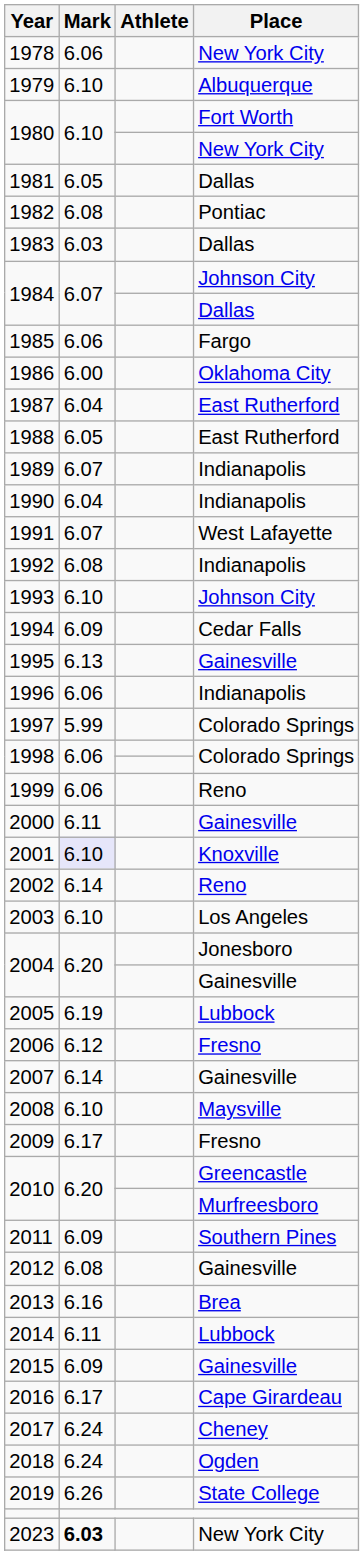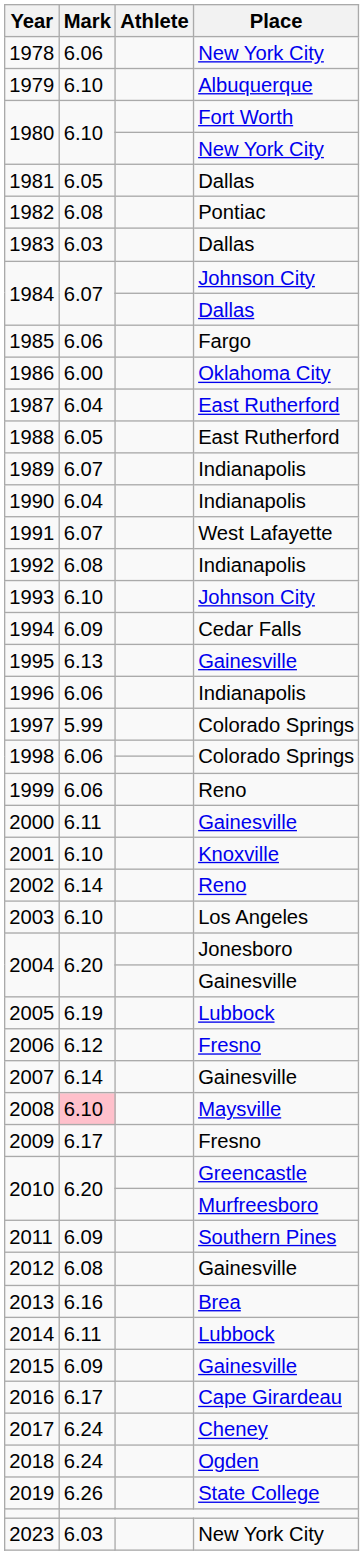 <table class="wikitable sortable" style="font-size:95%;">
 <tr>
 <th>Year</th>
 <th>Mark</th>
 <th>Athlete</th>
 <th>Place</th>
 </tr>
 <tr>
 <td>1978</td>
 <td>6.06 </td>
 <td align=left></td>
 <td><a href='#'>New York City</a></td>
 </tr>
 <tr>
 <td>1979</td>
 <td>6.10  </td>
 <td align=left></td>
 <td><a href='#'>Albuquerque</a></td>
 </tr>
 <tr>
 <td rowspan=2>1980</td>
 <td rowspan=2>6.10 </td>
 <td align=left></td>
 <td><a href='#'>Fort Worth</a></td>
 </tr>
 <tr>
 <td align=left></td>
 <td><a href='#'>New York City</a></td>
 </tr>
 <tr>
 <td>1981</td>
 <td>6.05 </td>
 <td align=left></td>
 <td>Dallas</td>
 </tr>
 <tr>
 <td>1982</td>
 <td>6.08</td>
 <td align=left></td>
 <td>Pontiac</td>
 </tr>
 <tr>
 <td>1983</td>
 <td>6.03 </td>
 <td align=left></td>
 <td>Dallas</td>
 </tr>
 <tr>
 <td rowspan=2>1984</td>
 <td rowspan=2>6.07 </td>
 <td align=left></td>
 <td><a href='#'>Johnson City</a></td>
 </tr>
 <tr>
 <td align=left></td>
 <td><a href='#'>Dallas</a></td>
 </tr>
 <tr>
 <td>1985</td>
 <td>6.06</td>
 <td align=left></td>
 <td>Fargo</td>
 </tr>
 <tr>
 <td>1986</td>
 <td>6.00</td>
 <td align=left></td>
 <td><a href='#'>Oklahoma City</a></td>
 </tr>
 <tr>
 <td>1987</td>
 <td>6.04</td>
 <td align=left></td>
 <td><a href='#'>East Rutherford</a></td>
 </tr>
 <tr>
 <td>1988</td>
 <td>6.05</td>
 <td align=left></td>
 <td>East Rutherford</td>
 </tr>
 <tr>
 <td>1989</td>
 <td>6.07</td>
 <td align=left></td>
 <td>Indianapolis</td>
 </tr>
 <tr>
 <td>1990</td>
 <td>6.04</td>
 <td align=left></td>
 <td>Indianapolis</td>
 </tr>
 <tr>
 <td>1991</td>
 <td>6.07</td>
 <td align=left></td>
 <td>West Lafayette</td>
 </tr>
 <tr>
 <td>1992</td>
 <td>6.08</td>
 <td align=left></td>
 <td>Indianapolis</td>
 </tr>
 <tr>
 <td>1993</td>
 <td>6.10</td>
 <td align=left></td>
 <td><a href='#'>Johnson City</a></td>
 </tr>
 <tr>
 <td>1994</td>
 <td>6.09</td>
 <td align=left></td>
 <td>Cedar Falls</td>
 </tr>
 <tr>
 <td>1995</td>
 <td>6.13</td>
 <td align=left></td>
 <td><a href='#'>Gainesville</a></td>
 </tr>
 <tr>
 <td>1996</td>
 <td>6.06</td>
 <td align=left></td>
 <td>Indianapolis</td>
 </tr>
 <tr>
 <td>1997</td>
 <td>5.99 </td>
 <td align=left></td>
 <td>Colorado Springs</td>
 </tr>
 <tr>
 <td rowspan=2>1998</td>
 <td rowspan=2>6.06 </td>
 <td align=left></td>
 <td rowspan=2>Colorado Springs</td>
 </tr>
 <tr>
 <td align=left></td>
 </tr>
 <tr>
 <td>1999</td>
 <td>6.06 </td>
 <td align=left></td>
 <td>Reno</td>
 </tr>
 <tr>
 <td>2000</td>
 <td>6.11</td>
 <td align=left></td>
 <td><a href='#'>Gainesville</a></td>
 </tr>
 <tr>
 <td>2001</td>
-<td style="background: lavender;">6.10</td>
+<td>6.10</td>
 <td align=left></td>
 <td><a href='#'>Knoxville</a></td>
 </tr>
 <tr>
 <td>2002</td>
 <td>6.14 </td>
 <td align=left></td>
 <td><a href='#'>Reno</a></td>
 </tr>
 <tr>
 <td>2003</td>
 <td>6.10</td>
 <td align=left></td>
 <td>Los Angeles</td>
 </tr>
 <tr>
 <td rowspan=2>2004</td>
 <td rowspan=2>6.20</td>
 <td></td>
 <td>Jonesboro</td>
 </tr>
 <tr>
 <td></td>
 <td>Gainesville</td>
 </tr>
 <tr>
 <td>2005</td>
 <td>6.19</td>
 <td></td>
 <td><a href='#'>Lubbock</a></td>
 </tr>
 <tr>
 <td>2006</td>
 <td>6.12</td>
 <td align=left></td>
 <td><a href='#'>Fresno</a></td>
 </tr>
 <tr>
 <td>2007</td>
 <td>6.14</td>
 <td align=left></td>
 <td>Gainesville</td>
 </tr>
 <tr>
 <td>2008</td>
-<td>6.10</td>
+<td style="background: pink;">6.10</td>
 <td></td>
 <td><a href='#'>Maysville</a></td>
 </tr>
 <tr>
 <td>2009</td>
 <td>6.17</td>
 <td></td>
 <td>Fresno</td>
 </tr>
 <tr>
 <td rowspan=2>2010</td>
 <td rowspan=2>6.20</td>
 <td></td>
 <td><a href='#'>Greencastle</a></td>
 </tr>
 <tr>
 <td></td>
 <td><a href='#'>Murfreesboro</a></td>
 </tr>
 <tr>
 <td>2011</td>
 <td>6.09</td>
 <td align=left></td>
 <td><a href='#'>Southern Pines</a></td>
 </tr>
 <tr>
 <td>2012</td>
 <td>6.08</td>
 <td align=left></td>
 <td>Gainesville</td>
 </tr>
 <tr>
 <td>2013</td>
 <td>6.16</td>
 <td align=left></td>
 <td><a href='#'>Brea</a></td>
 </tr>
 <tr>
 <td>2014</td>
 <td>6.11</td>
 <td align=left></td>
 <td><a href='#'>Lubbock</a></td>
 </tr>
 <tr>
 <td>2015</td>
 <td>6.09</td>
 <td align=left></td>
 <td><a href='#'>Gainesville</a></td>
 </tr>
 <tr>
 <td>2016</td>
 <td>6.17</td>
 <td align=left></td>
 <td><a href='#'>Cape Girardeau</a></td>
 </tr>
 <tr>
 <td>2017</td>
 <td>6.24</td>
 <td align=left></td>
 <td><a href='#'>Cheney</a></td>
 </tr>
 <tr>
 <td>2018</td>
 <td>6.24</td>
 <td align=left></td>
 <td><a href='#'>Ogden</a></td>
 </tr>
 <tr>
 <td>2019</td>
 <td>6.26</td>
 <td align=left></td>
 <td><a href='#'>State College</a></td>
 </tr>
 <tr>
 <td></td>
 </tr>
 <tr>
 <td>2023</td>
-<td><strong>6.03</strong></td>
+<td>6.03</td>
 <td align=left></td>
 <td>New York City</td>
 </tr>
 </table>
